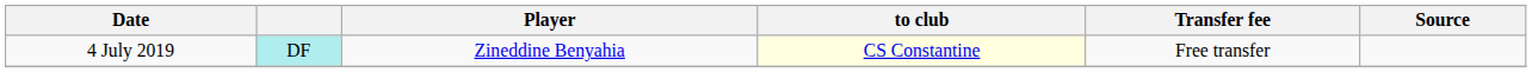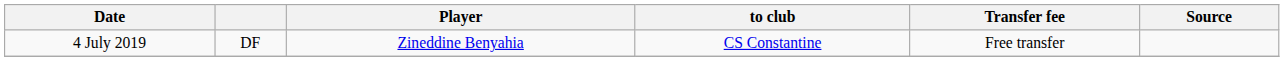 <table class="wikitable sortable" style="width:70%; text-align:center; font-size:85%; text-align:centre;">
 <tr>
 <th>Date</th>
 <th></th>
 <th>Player</th>
 <th>to club</th>
 <th>Transfer fee</th>
 <th>Source</th>
 </tr>
 <tr>
 <td>4 July 2019</td>
-<td style="background: paleturquoise;">DF</td>
+<td>DF</td>
 <td> <a href='#'>Zineddine Benyahia</a></td>
-<td style="background: lightyellow;"><a href='#'>CS Constantine</a></td>
+<td><a href='#'>CS Constantine</a></td>
 <td>Free transfer</td>
 <td></td>
 </tr>
 <tr>
 </tr>
 </table>
